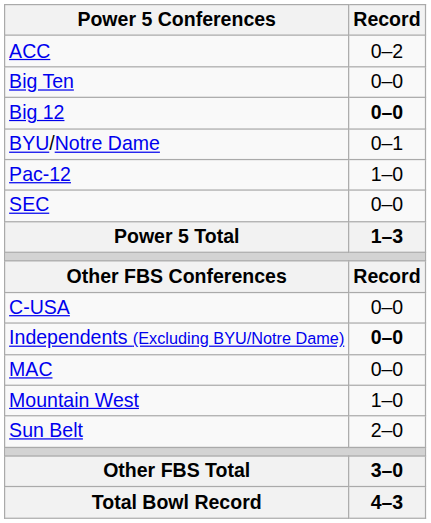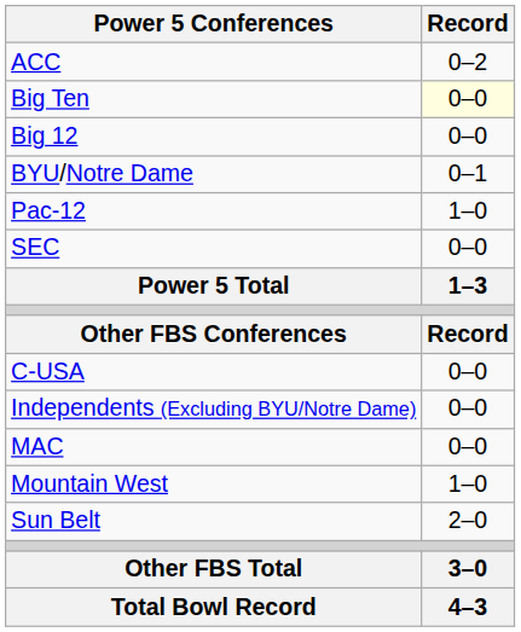 <table class="wikitable">
 <tr>
 <th>Power 5 Conferences</th>
 <th>Record</th>
 </tr>
 <tr>
 <td><a href='#'>ACC</a></td>
 <td align=center>0–2</td>
 </tr>
 <tr>
 <td><a href='#'>Big Ten</a></td>
-<td align=center>0–0</td>
+<td align=center style="background: lightyellow;">0–0</td>
 </tr>
 <tr>
 <td><a href='#'>Big 12</a></td>
-<td align=center><strong>0–0</strong></td>
+<td align=center>0–0</td>
 </tr>
 <tr>
 <td><a href='#'>BYU</a>/<a href='#'>Notre Dame</a></td>
 <td align=center>0–1</td>
 </tr>
 <tr>
 <td><a href='#'>Pac-12</a></td>
 <td align=center>1–0</td>
 </tr>
 <tr>
 <td><a href='#'>SEC</a></td>
 <td align=center>0–0</td>
 </tr>
 <tr>
 <th>Power 5 Total</th>
 <th>1–3</th>
 </tr>
 <tr>
 <th colspan="2" style="background:lightgrey;"></th>
 </tr>
 <tr>
 <th>Other FBS Conferences</th>
 <th>Record</th>
 </tr>
 <tr>
 <td><a href='#'>C-USA</a></td>
 <td align=center>0–0</td>
 </tr>
 <tr>
 <td><a href='#'>Independents <small>(Excluding BYU/Notre Dame)</small></a></td>
-<td align=center><strong>0–0</strong></td>
+<td align=center>0–0</td>
 </tr>
 <tr>
 <td><a href='#'>MAC</a></td>
 <td align=center>0–0</td>
 </tr>
 <tr>
 <td><a href='#'>Mountain West</a></td>
 <td align=center>1–0</td>
 </tr>
 <tr>
 <td><a href='#'>Sun Belt</a></td>
 <td align=center>2–0</td>
 </tr>
 <tr>
 <th colspan="2" style="background:lightgrey;"></th>
 </tr>
 <tr>
 <th>Other FBS Total</th>
 <th>3–0</th>
 </tr>
 <tr>
 <th>Total Bowl Record</th>
 <th>4–3</th>
 </tr>
 </table>
